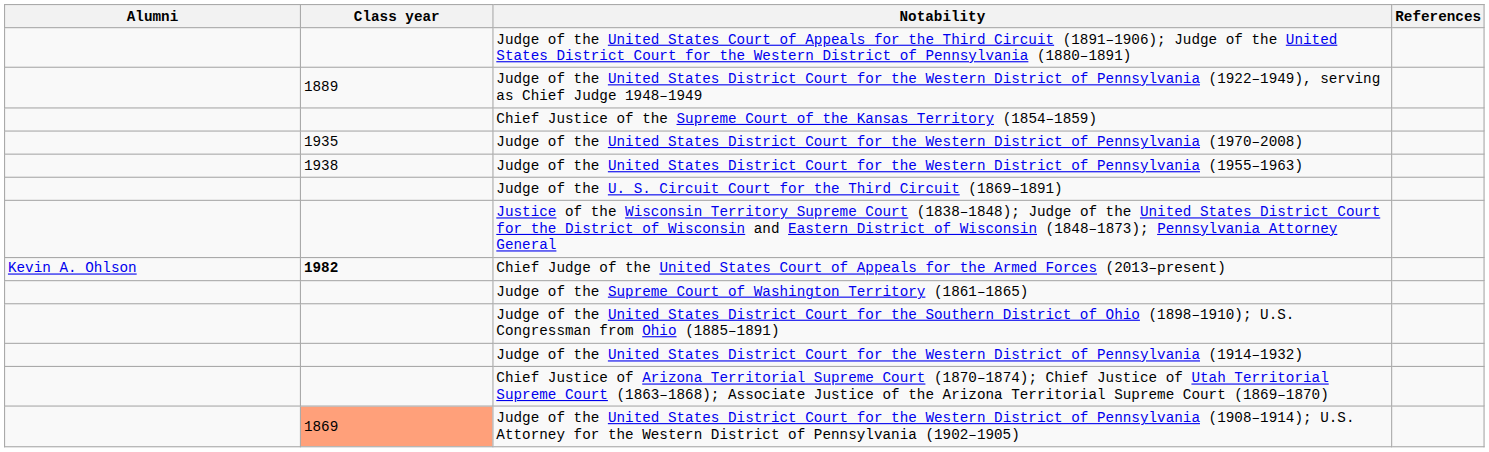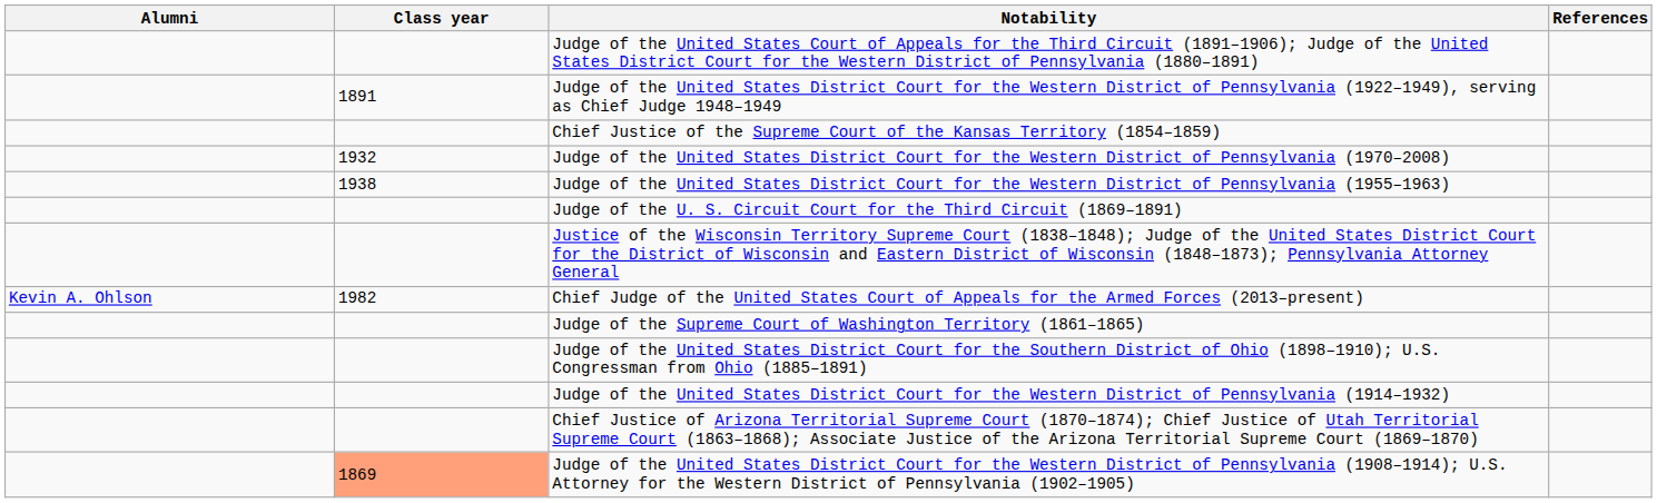 <table class="wikitable sortable col2center col4center vertical-align-top" width=85%>
 <tr>
 <th width="20%">Alumni</th>
 <th width="13%">Class year</th>
 <th width="*" class="unsortable">Notability</th>
 <th width="4%" class="unsortable">References</th>
 </tr>
 <tr>
 <td></td>
 <td></td>
 <td>Judge of the <a href='#'>United States Court of Appeals for the Third Circuit</a> (1891–1906); Judge of the <a href='#'>United States District Court for the Western District of Pennsylvania</a> (1880–1891)</td>
 <td></td>
 </tr>
 <tr>
 <td></td>
-<td>1889</td>
+<td>1891</td>
 <td>Judge of the <a href='#'>United States District Court for the Western District of Pennsylvania</a> (1922–1949), serving as Chief Judge 1948–1949</td>
 <td></td>
 </tr>
 <tr>
 <td></td>
 <td></td>
 <td>Chief Justice of the <a href='#'>Supreme Court of the Kansas Territory</a> (1854–1859)</td>
 <td></td>
 </tr>
 <tr>
 <td></td>
-<td>1935</td>
+<td>1932</td>
 <td>Judge of the <a href='#'>United States District Court for the Western District of Pennsylvania</a> (1970–2008)</td>
 <td></td>
 </tr>
 <tr>
 <td></td>
 <td>1938</td>
 <td>Judge of the <a href='#'>United States District Court for the Western District of Pennsylvania</a> (1955–1963)</td>
 <td></td>
 </tr>
 <tr>
 <td></td>
 <td></td>
 <td>Judge of the <a href='#'>U. S. Circuit Court for the Third Circuit</a> (1869–1891)</td>
 <td></td>
 </tr>
 <tr>
 <td></td>
 <td></td>
 <td><a href='#'>Justice</a> of the <a href='#'>Wisconsin Territory Supreme Court</a> (1838–1848); Judge of the <a href='#'>United States District Court for the District of Wisconsin</a> and <a href='#'>Eastern District of Wisconsin</a> (1848–1873); <a href='#'>Pennsylvania Attorney General</a></td>
 <td></td>
 </tr>
 <tr>
 <td><a href='#'>Kevin A. Ohlson</a></td>
-<td><strong>1982</strong></td>
+<td>1982</td>
 <td>Chief Judge of the <a href='#'>United States Court of Appeals for the Armed Forces</a> (2013–present)</td>
 <td></td>
 </tr>
 <tr>
 <td></td>
 <td></td>
 <td>Judge of the <a href='#'>Supreme Court of Washington Territory</a> (1861–1865)</td>
 <td></td>
 </tr>
 <tr>
 <td></td>
 <td></td>
 <td>Judge of the <a href='#'>United States District Court for the Southern District of Ohio</a> (1898–1910); U.S. Congressman from <a href='#'>Ohio</a> (1885–1891)</td>
 <td></td>
 </tr>
 <tr>
 <td></td>
 <td></td>
 <td>Judge of the <a href='#'>United States District Court for the Western District of Pennsylvania</a> (1914–1932)</td>
 <td></td>
 </tr>
 <tr>
 <td></td>
 <td></td>
 <td>Chief Justice of <a href='#'>Arizona Territorial Supreme Court</a> (1870–1874); Chief Justice of <a href='#'>Utah Territorial Supreme Court</a> (1863–1868); Associate Justice of the Arizona Territorial Supreme Court (1869–1870)</td>
 <td></td>
 </tr>
 <tr>
 <td></td>
 <td style="background: lightsalmon;">1869</td>
 <td>Judge of the <a href='#'>United States District Court for the Western District of Pennsylvania</a> (1908–1914); U.S. Attorney for the Western District of Pennsylvania (1902–1905)</td>
 <td></td>
 </tr>
 </table>
